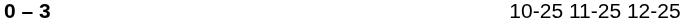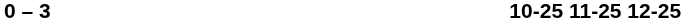 <table width=100% cellspacing=1>
 <tr>
 <th width=20%></th>
 <th width=12%></th>
 <th width=20%></th>
 <th width=33%></th>
 <td></td>
 </tr>
 <tr style=font-size:90%>
 <td align=right></td>
 <td align=center><strong>0 – 3</strong></td>
 <td><strong></strong></td>
-<td>10-25 11-25 12-25</td>
+<td><strong>10-25 11-25 12-25</strong></td>
 </tr>
 </table>
